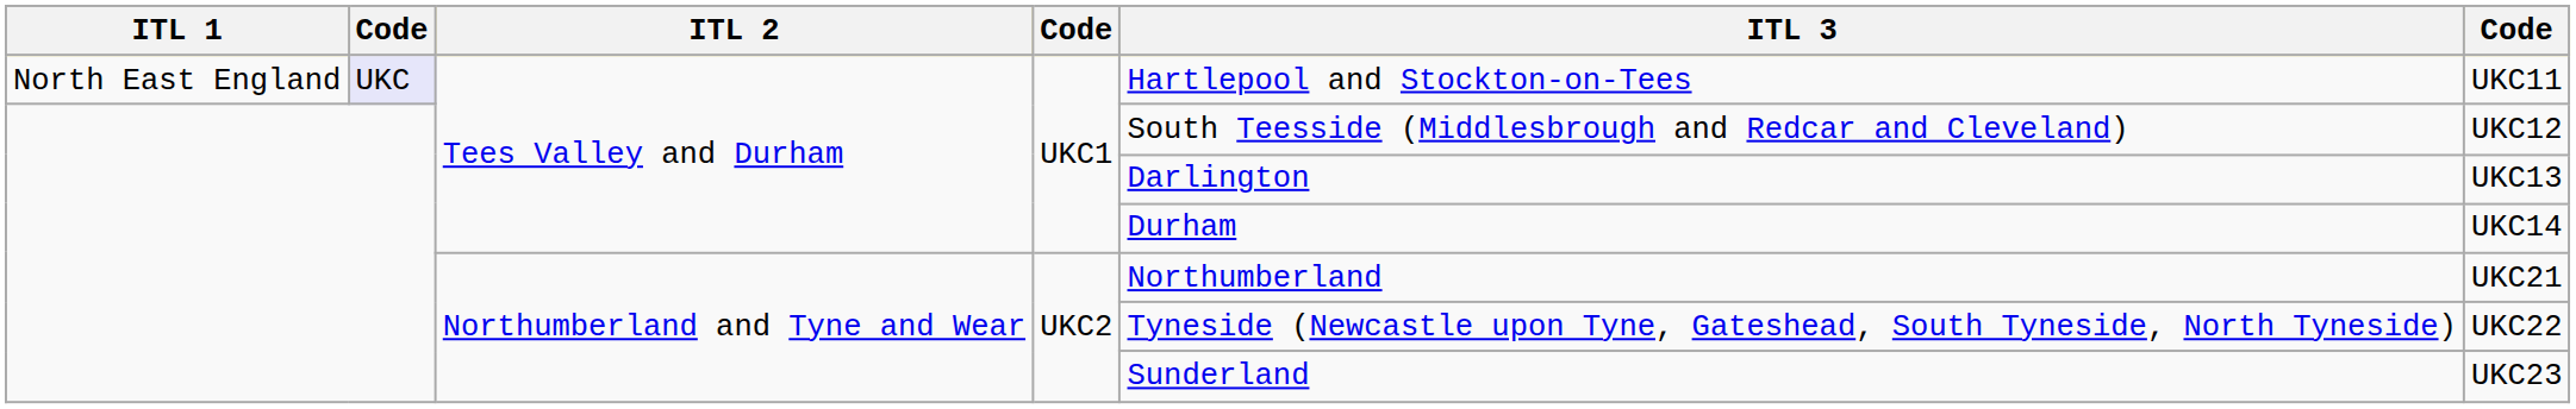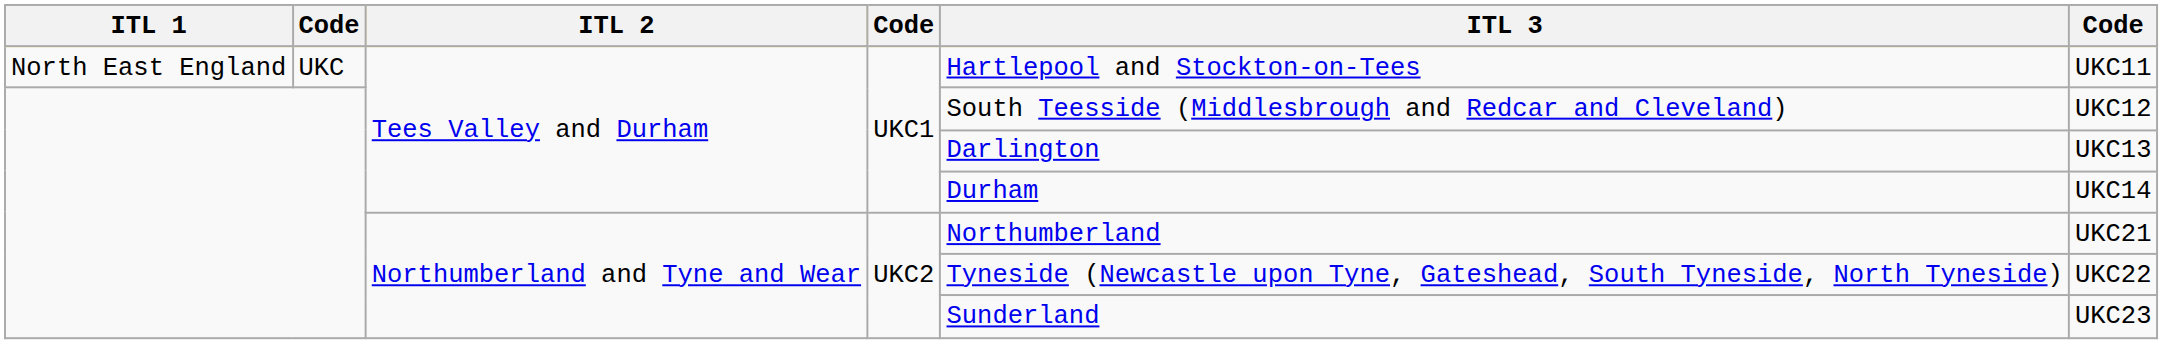 <table class="wikitable">
 <tr style="background:gold; text-align:left;">
 <th>ITL 1</th>
 <th>Code</th>
 <th>ITL 2</th>
 <th>Code</th>
 <th>ITL 3</th>
 <th>Code</th>
 </tr>
 <tr>
 <td>North East England</td>
-<td style="background: lavender;">UKC</td>
+<td>UKC</td>
 <td rowspan="4"><a href='#'>Tees Valley</a> and <a href='#'>Durham</a></td>
 <td rowspan="4">UKC1</td>
 <td><a href='#'>Hartlepool</a> and <a href='#'>Stockton-on-Tees</a></td>
 <td>UKC11</td>
 </tr>
 <tr>
 <td colspan="2" rowspan="6" style="text-align:center;"></td>
 <td>South <a href='#'>Teesside</a> (<a href='#'>Middlesbrough</a> and <a href='#'>Redcar and Cleveland</a>)</td>
 <td>UKC12</td>
 </tr>
 <tr>
 <td><a href='#'>Darlington</a></td>
 <td>UKC13</td>
 </tr>
 <tr>
 <td><a href='#'>Durham</a></td>
 <td>UKC14</td>
 </tr>
 <tr>
 <td rowspan="3"><a href='#'>Northumberland</a> and <a href='#'>Tyne and Wear</a></td>
 <td rowspan="3">UKC2</td>
 <td><a href='#'>Northumberland</a></td>
 <td>UKC21</td>
 </tr>
 <tr>
 <td><a href='#'>Tyneside</a> (<a href='#'>Newcastle upon Tyne</a>, <a href='#'>Gateshead</a>, <a href='#'>South Tyneside</a>, <a href='#'>North Tyneside</a>)</td>
 <td>UKC22</td>
 </tr>
 <tr>
 <td><a href='#'>Sunderland</a></td>
 <td>UKC23</td>
 </tr>
 </table>
